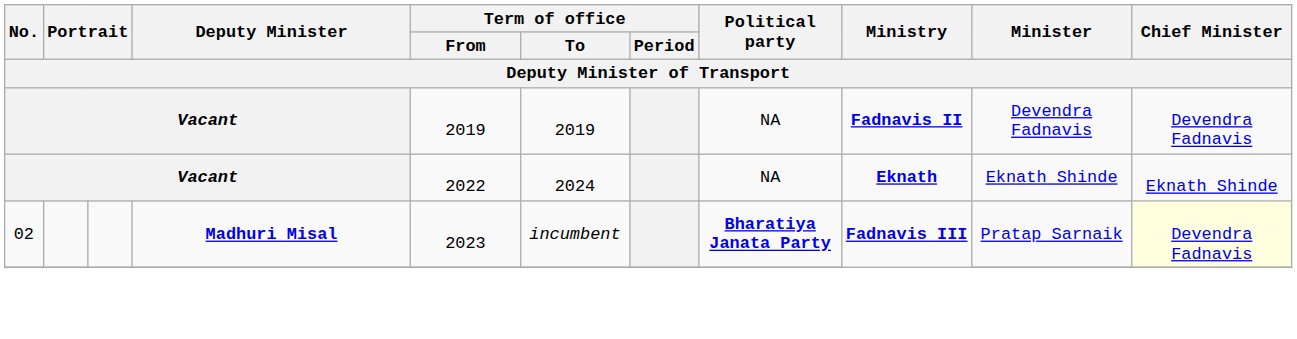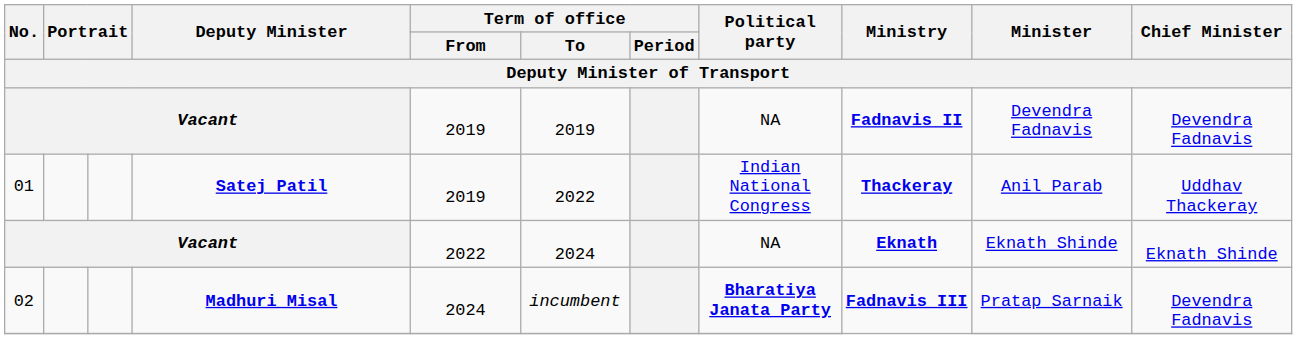 <table class="wikitable" style="text-align:center">
 <tr>
 <th rowspan="2">No.</th>
 <th rowspan="2" colspan="2">Portrait</th>
 <th rowspan="2" style="width:16em">Deputy Minister<br></th>
 <th colspan="3">Term of office</th>
 <th rowspan="2" style="width:8em">Political party</th>
 <th rowspan="2">Ministry</th>
 <th rowspan="2" style="width:9em">Minister</th>
 <th rowspan="2" style="width:9em">Chief Minister</th>
 </tr>
 <tr>
 <th style="width:6em">From</th>
 <th style="width:6em">To</th>
 <th>Period</th>
 </tr>
 <tr>
 <th colspan="11">Deputy Minister of Transport</th>
 </tr>
 <tr>
 <th colspan="04"><strong><em>Vacant</em></strong></th>
 <td><br>2019</td>
 <td><br>2019</td>
 <th></th>
 <td>NA</td>
 <td rowspan="1"><a href='#'><strong>Fadnavis II</strong></a></td>
 <td><a href='#'>Devendra Fadnavis</a></td>
 <td rowspan="1"> <br><a href='#'>Devendra Fadnavis</a></td>
 </tr>
 <tr>
+<td>01</td>
+<td style="color:inherit;background:"></td>
+<td></td>
+<td><strong><a href='#'>Satej Patil</a></strong> <br> </td>
+<td><br>2019</td>
+<td><br>2022</td>
+<th></th>
+<td><a href='#'>Indian National Congress</a></td>
+<td rowspan="1"><a href='#'><strong>Thackeray</strong></a></td>
+<td><a href='#'>Anil Parab</a></td>
+<td rowspan="1"> <br><a href='#'>Uddhav Thackeray</a></td>
+</tr>
+<tr>
 <th colspan="04"><strong><em>Vacant </em></strong></th>
 <td><br>2022</td>
 <td><br>2024</td>
 <th></th>
 <td>NA</td>
 <td rowspan="1"><a href='#'><strong>Eknath</strong></a></td>
 <td><a href='#'>Eknath Shinde</a></td>
 <td rowspan="1"> <br><a href='#'>Eknath Shinde</a></td>
 </tr>
 <tr>
 <td>02</td>
 <td style="color:inherit;background:"></td>
 <td></td>
 <td><strong><a href='#'>Madhuri Misal</a></strong> <br> </td>
-<td><br>2023</td>
+<td><br>2024</td>
 <td><em>incumbent</em></td>
 <th></th>
 <td><strong><a href='#'>Bharatiya Janata Party</a></strong></td>
 <td rowspan="2"><a href='#'><strong>Fadnavis III</strong></a></td>
 <td rowspan="1"><a href='#'>Pratap Sarnaik</a></td>
-<td rowspan="1" style="background: lightyellow;"> <br><a href='#'>Devendra Fadnavis</a></td>
+<td rowspan="1"> <br><a href='#'>Devendra Fadnavis</a></td>
 </tr>
 <tr>
 </tr>
 </table>
